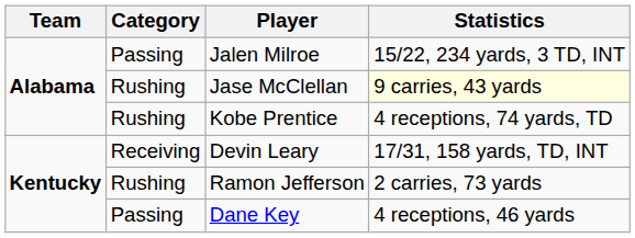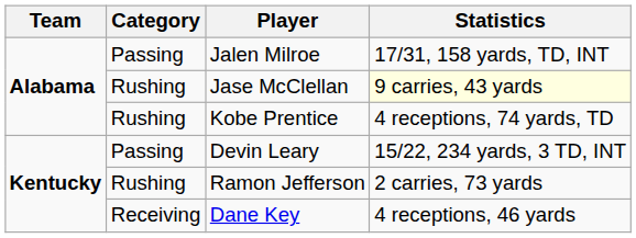 <table class="wikitable" style="float: right;">
 <tr>
 <th>Team</th>
 <th>Category</th>
 <th>Player</th>
 <th>Statistics</th>
 </tr>
 <tr>
 <td rowspan=3><strong>Alabama</strong></td>
 <td>Passing</td>
 <td>Jalen Milroe</td>
-<td>15/22, 234 yards, 3 TD, INT</td>
+<td>17/31, 158 yards, TD, INT</td>
 </tr>
 <tr>
 <td>Rushing</td>
 <td>Jase McClellan</td>
 <td style="background: lightyellow;">9 carries, 43 yards</td>
 </tr>
 <tr>
 <td>Rushing</td>
 <td>Kobe Prentice</td>
 <td>4 receptions, 74 yards, TD</td>
 </tr>
 <tr>
 <td rowspan=3><strong>Kentucky</strong></td>
-<td>Receiving</td>
+<td>Passing</td>
 <td>Devin Leary</td>
-<td>17/31, 158 yards, TD, INT</td>
+<td>15/22, 234 yards, 3 TD, INT</td>
 </tr>
 <tr>
 <td>Rushing</td>
 <td>Ramon Jefferson</td>
 <td>2 carries, 73 yards</td>
 </tr>
 <tr>
-<td>Passing</td>
+<td>Receiving</td>
 <td><a href='#'>Dane Key</a></td>
 <td>4 receptions, 46 yards</td>
 </tr>
 </table>
